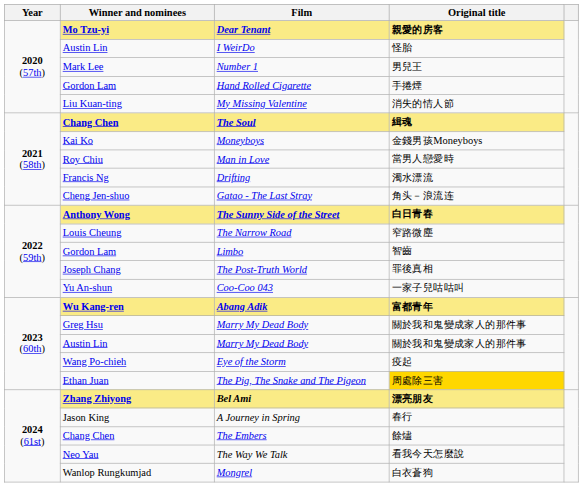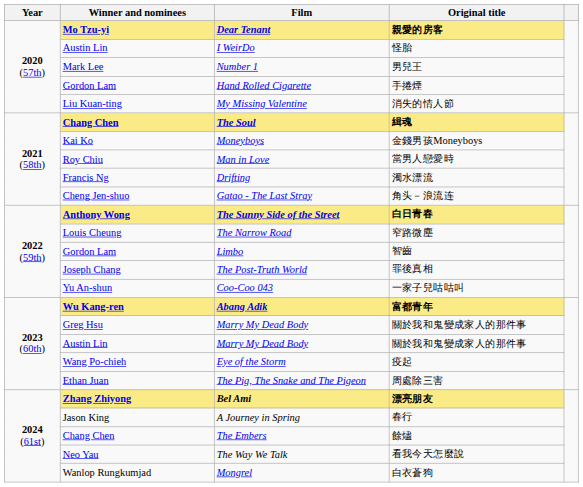 <table class="wikitable" style="width:100%">
 <tr style="background:#bebebe;">
 <th style="width:8%;">Year</th>
 <th style="width:22%;">Winner and nominees</th>
 <th style="width:25%;">Film</th>
 <th style="width:25%;">Original title</th>
 <th style="width:2%;"></th>
 </tr>
 <tr>
 <td rowspan="5" style="text-align:center"><strong>2020</strong><br>(<a href='#'>57th</a>)</td>
 <td style="background:#FAEB86"><strong><a href='#'>Mo Tzu-yi</a></strong></td>
 <td style="background:#FAEB86"><strong><em><a href='#'>Dear Tenant</a></em></strong></td>
 <td style="background:#FAEB86"><strong>親愛的房客</strong></td>
 <td rowspan=5></td>
 </tr>
 <tr>
 <td><a href='#'>Austin Lin</a></td>
 <td><em><a href='#'>I WeirDo</a></em></td>
 <td>怪胎</td>
 </tr>
 <tr>
 <td><a href='#'>Mark Lee</a></td>
 <td><em><a href='#'>Number 1</a></em></td>
 <td>男兒王</td>
 </tr>
 <tr>
 <td><a href='#'>Gordon Lam</a></td>
 <td><em><a href='#'>Hand Rolled Cigarette</a></em></td>
 <td>手捲煙</td>
 </tr>
 <tr>
 <td><a href='#'>Liu Kuan-ting</a></td>
 <td><em><a href='#'>My Missing Valentine</a></em></td>
 <td>消失的情人節</td>
 </tr>
 <tr>
 <td rowspan="5" style="text-align:center"><strong>2021</strong><br>(<a href='#'>58th</a>)</td>
 <td style="background:#FAEB86"><strong><a href='#'>Chang Chen</a></strong></td>
 <td style="background:#FAEB86"><strong><em><a href='#'>The Soul</a></em></strong></td>
 <td style="background:#FAEB86"><strong>緝魂</strong></td>
 <td rowspan=5></td>
 </tr>
 <tr>
 <td><a href='#'>Kai Ko</a></td>
 <td><em><a href='#'>Moneyboys</a></em></td>
 <td>金錢男孩Moneyboys</td>
 </tr>
 <tr>
 <td><a href='#'>Roy Chiu</a></td>
 <td><em><a href='#'>Man in Love</a></em></td>
 <td>當男人戀愛時</td>
 </tr>
 <tr>
 <td><a href='#'>Francis Ng</a></td>
 <td><em><a href='#'>Drifting</a></em></td>
 <td>濁水漂流</td>
 </tr>
 <tr>
 <td><a href='#'>Cheng Jen-shuo</a></td>
 <td><em><a href='#'>Gatao - The Last Stray</a></em></td>
 <td>角头－浪流连</td>
 </tr>
 <tr>
 <td rowspan="5" style="text-align:center"><strong>2022</strong><br>(<a href='#'>59th</a>)</td>
 <td style="background:#FAEB86"><strong><a href='#'>Anthony Wong</a></strong></td>
 <td style="background:#FAEB86"><strong><em><a href='#'>The Sunny Side of the Street</a></em></strong></td>
 <td style="background:#FAEB86"><strong>白日青春</strong></td>
 <td rowspan=5></td>
 </tr>
 <tr>
 <td><a href='#'>Louis Cheung</a></td>
 <td><em><a href='#'>The Narrow Road</a></em></td>
 <td>窄路微塵</td>
 </tr>
 <tr>
 <td><a href='#'>Gordon Lam</a></td>
 <td><em><a href='#'>Limbo</a></em></td>
 <td>智齒</td>
 </tr>
 <tr>
 <td><a href='#'>Joseph Chang</a></td>
 <td><em><a href='#'>The Post-Truth World</a></em></td>
 <td>罪後真相</td>
 </tr>
 <tr>
 <td><a href='#'>Yu An-shun</a></td>
 <td><em><a href='#'>Coo-Coo 043</a></em></td>
 <td>一家子兒咕咕叫</td>
 </tr>
 <tr>
 <td rowspan="5" style="text-align:center"><strong>2023</strong><br>(<a href='#'>60th</a>)</td>
 <td style="background:#FAEB86"><strong><a href='#'>Wu Kang-ren</a></strong></td>
 <td style="background:#FAEB86"><strong><em><a href='#'>Abang Adik</a></em></strong></td>
 <td style="background:#FAEB86"><strong>富都青年</strong></td>
 <td rowspan=5></td>
 </tr>
 <tr>
 <td><a href='#'>Greg Hsu</a></td>
 <td><em><a href='#'>Marry My Dead Body</a></em></td>
 <td>關於我和鬼變成家人的那件事</td>
 </tr>
 <tr>
 <td><a href='#'>Austin Lin</a></td>
 <td><em><a href='#'>Marry My Dead Body</a></em></td>
 <td>關於我和鬼變成家人的那件事</td>
 </tr>
 <tr>
 <td><a href='#'>Wang Po-chieh</a></td>
 <td><em><a href='#'>Eye of the Storm</a></em></td>
 <td>疫起</td>
 </tr>
 <tr>
 <td><a href='#'>Ethan Juan</a></td>
 <td><em><a href='#'>The Pig, The Snake and The Pigeon</a></em></td>
-<td style="background: gold;">周處除三害</td>
+<td>周處除三害</td>
 </tr>
 <tr>
 <td rowspan="5" style="text-align:center"><strong>2024</strong><br>(<a href='#'>61st</a>)</td>
 <td style="background:#FAEB86"><strong><a href='#'>Zhang Zhiyong</a></strong></td>
 <td style="background:#FAEB86"><strong><em>Bel Ami</em></strong></td>
 <td style="background:#FAEB86"><strong>漂亮朋友</strong></td>
 <td rowspan=5></td>
 </tr>
 <tr>
 <td>Jason King</td>
 <td><em>A Journey in Spring</em></td>
 <td>春行</td>
 </tr>
 <tr>
 <td><a href='#'>Chang Chen</a></td>
 <td><em><a href='#'>The Embers</a></em></td>
 <td>餘燼</td>
 </tr>
 <tr>
 <td><a href='#'>Neo Yau</a></td>
 <td><em>The Way We Talk</em></td>
 <td>看我今天怎麼說</td>
 </tr>
 <tr>
 <td>Wanlop Rungkumjad</td>
 <td><em><a href='#'>Mongrel</a></em></td>
 <td>白衣蒼狗</td>
 </tr>
 </table>
